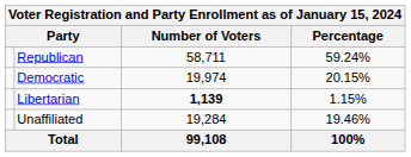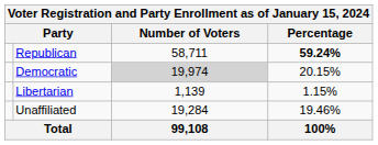 <table class=wikitable>
 <tr>
 <th colspan = 6>Voter Registration and Party Enrollment as of January 15, 2024</th>
 </tr>
 <tr>
 <th colspan = 2>Party</th>
 <th>Number of Voters</th>
 <th>Percentage</th>
 </tr>
 <tr>
 <td></td>
 <td><a href='#'>Republican</a></td>
 <td align = center>58,711</td>
-<td align = center>59.24%</td>
+<td align = center><strong>59.24%</strong></td>
 </tr>
 <tr>
 <td></td>
 <td><a href='#'>Democratic</a></td>
-<td align = center>19,974</td>
+<td align = center style="background: lightgrey;">19,974</td>
 <td align = center>20.15%</td>
 </tr>
 <tr>
 <td></td>
 <td><a href='#'>Libertarian</a></td>
-<td align = center><strong>1,139</strong></td>
+<td align = center>1,139</td>
 <td align = center>1.15%</td>
 </tr>
 <tr>
 <td></td>
 <td>Unaffiliated</td>
 <td align = center>19,284</td>
 <td align = center>19.46%</td>
 </tr>
 <tr>
 <th colspan = 2>Total</th>
 <th align = center>99,108</th>
 <th align = center>100%</th>
 </tr>
 </table>
